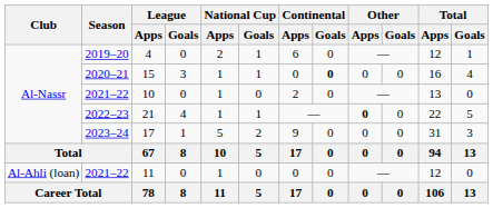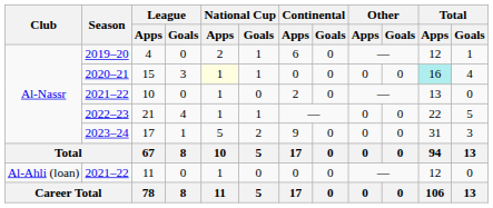 <table class="wikitable" style="text-align: center;">
 <tr>
 <th rowspan="2">Club</th>
 <th rowspan="2">Season</th>
 <th colspan="2">League</th>
 <th colspan="2">National Cup</th>
 <th colspan="2">Continental</th>
 <th colspan="2">Other</th>
 <th colspan="2">Total</th>
 </tr>
 <tr>
 <th>Apps</th>
 <th>Goals</th>
 <th>Apps</th>
 <th>Goals</th>
 <th>Apps</th>
 <th>Goals</th>
 <th>Apps</th>
 <th>Goals</th>
 <th>Apps</th>
 <th>Goals</th>
 </tr>
 <tr>
 <td rowspan="5"><a href='#'>Al-Nassr</a></td>
 <td><a href='#'>2019–20</a></td>
 <td>4</td>
 <td>0</td>
 <td>2</td>
 <td>1</td>
 <td>6</td>
 <td>0</td>
 <td colspan="2">—</td>
 <td>12</td>
 <td>1</td>
 </tr>
 <tr>
 <td><a href='#'>2020–21</a></td>
 <td>15</td>
 <td>3</td>
-<td>1</td>
+<td style="background: lightyellow;">1</td>
 <td>1</td>
 <td>0</td>
-<td><strong>0</strong></td>
 <td>0</td>
 <td>0</td>
-<td>16</td>
+<td>0</td>
+<td style="background: paleturquoise;">16</td>
 <td>4</td>
 </tr>
 <tr>
 <td><a href='#'>2021–22</a></td>
 <td>10</td>
 <td>0</td>
 <td>1</td>
 <td>0</td>
 <td>2</td>
 <td>0</td>
 <td colspan="2">—</td>
 <td>13</td>
 <td>0</td>
 </tr>
 <tr>
 <td><a href='#'>2022–23</a></td>
 <td>21</td>
 <td>4</td>
 <td>1</td>
 <td>1</td>
 <td colspan="2">—</td>
-<td><strong>0</strong></td>
+<td>0</td>
 <td>0</td>
 <td>22</td>
 <td>5</td>
 </tr>
 <tr>
 <td><a href='#'>2023–24</a></td>
 <td>17</td>
 <td>1</td>
 <td>5</td>
 <td>2</td>
 <td>9</td>
 <td>0</td>
 <td>0</td>
 <td>0</td>
 <td>31</td>
 <td>3</td>
 </tr>
 <tr>
 <th colspan="2">Total</th>
 <th>67</th>
 <th>8</th>
 <th>10</th>
 <th>5</th>
 <th>17</th>
 <th>0</th>
 <th>0</th>
 <th>0</th>
 <th>94</th>
 <th>13</th>
 </tr>
 <tr>
 <td rowspan="1"><a href='#'>Al-Ahli</a> (loan)</td>
 <td><a href='#'>2021–22</a></td>
 <td>11</td>
 <td>0</td>
 <td>1</td>
 <td>0</td>
 <td>0</td>
 <td>0</td>
 <td colspan="2">—</td>
 <td>12</td>
 <td>0</td>
 </tr>
 <tr>
 <th colspan="2">Career Total</th>
 <th>78</th>
 <th>8</th>
 <th>11</th>
 <th>5</th>
 <th>17</th>
 <th>0</th>
 <th>0</th>
 <th>0</th>
 <th>106</th>
 <th>13</th>
 </tr>
 </table>
